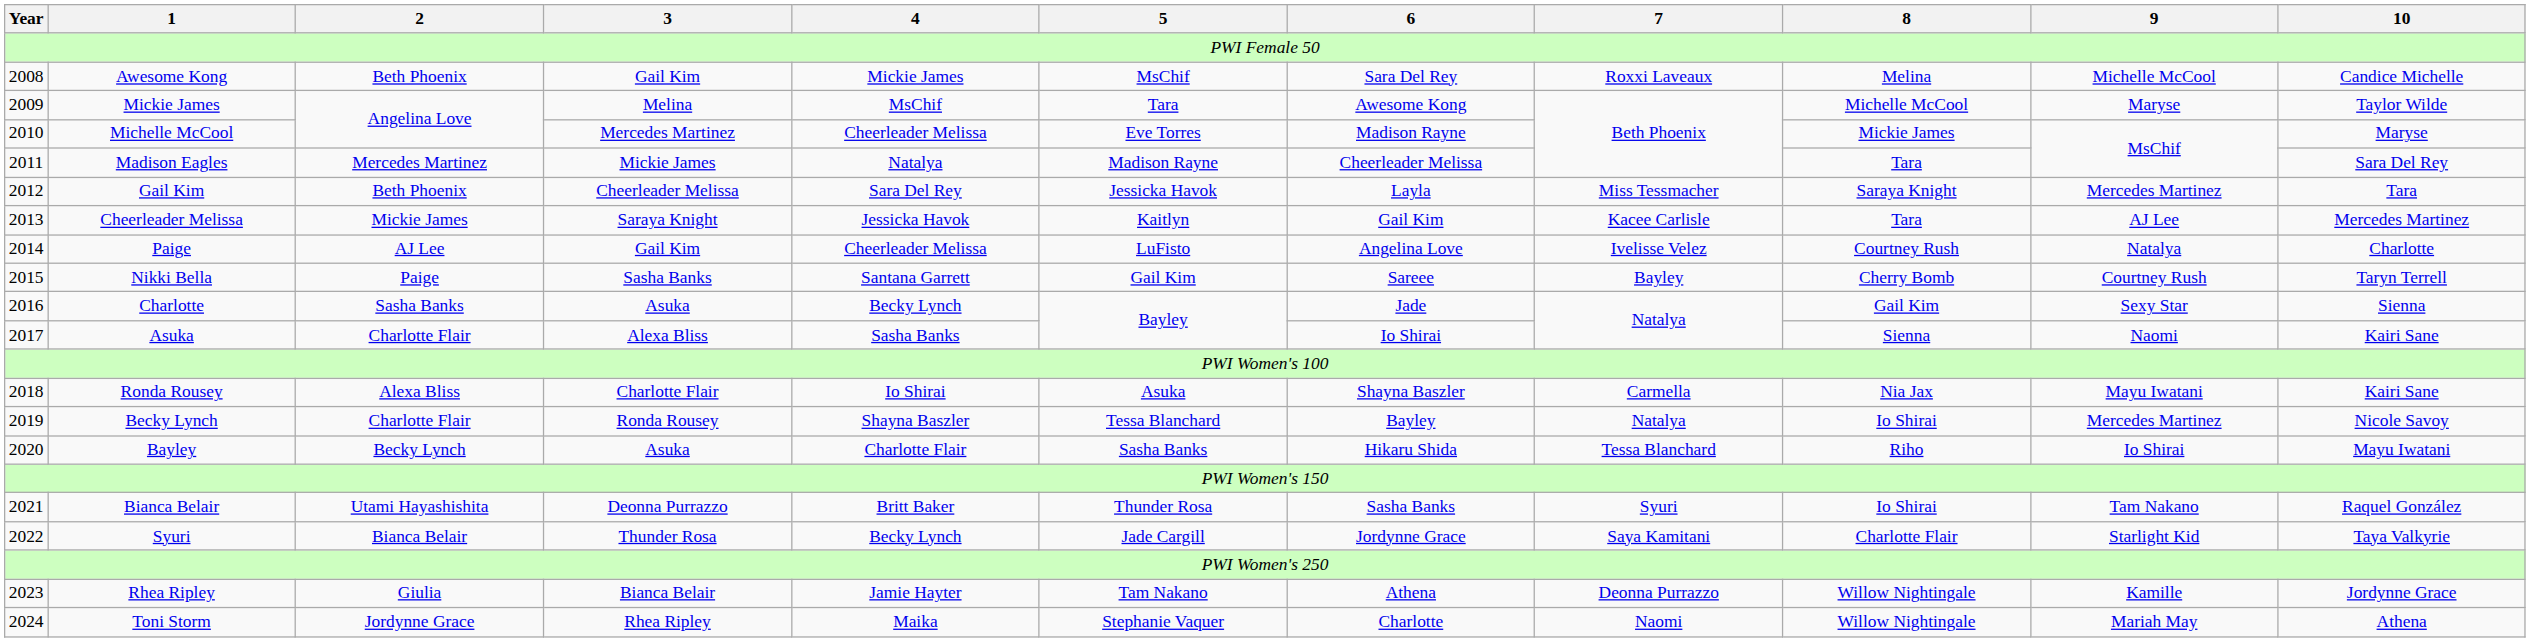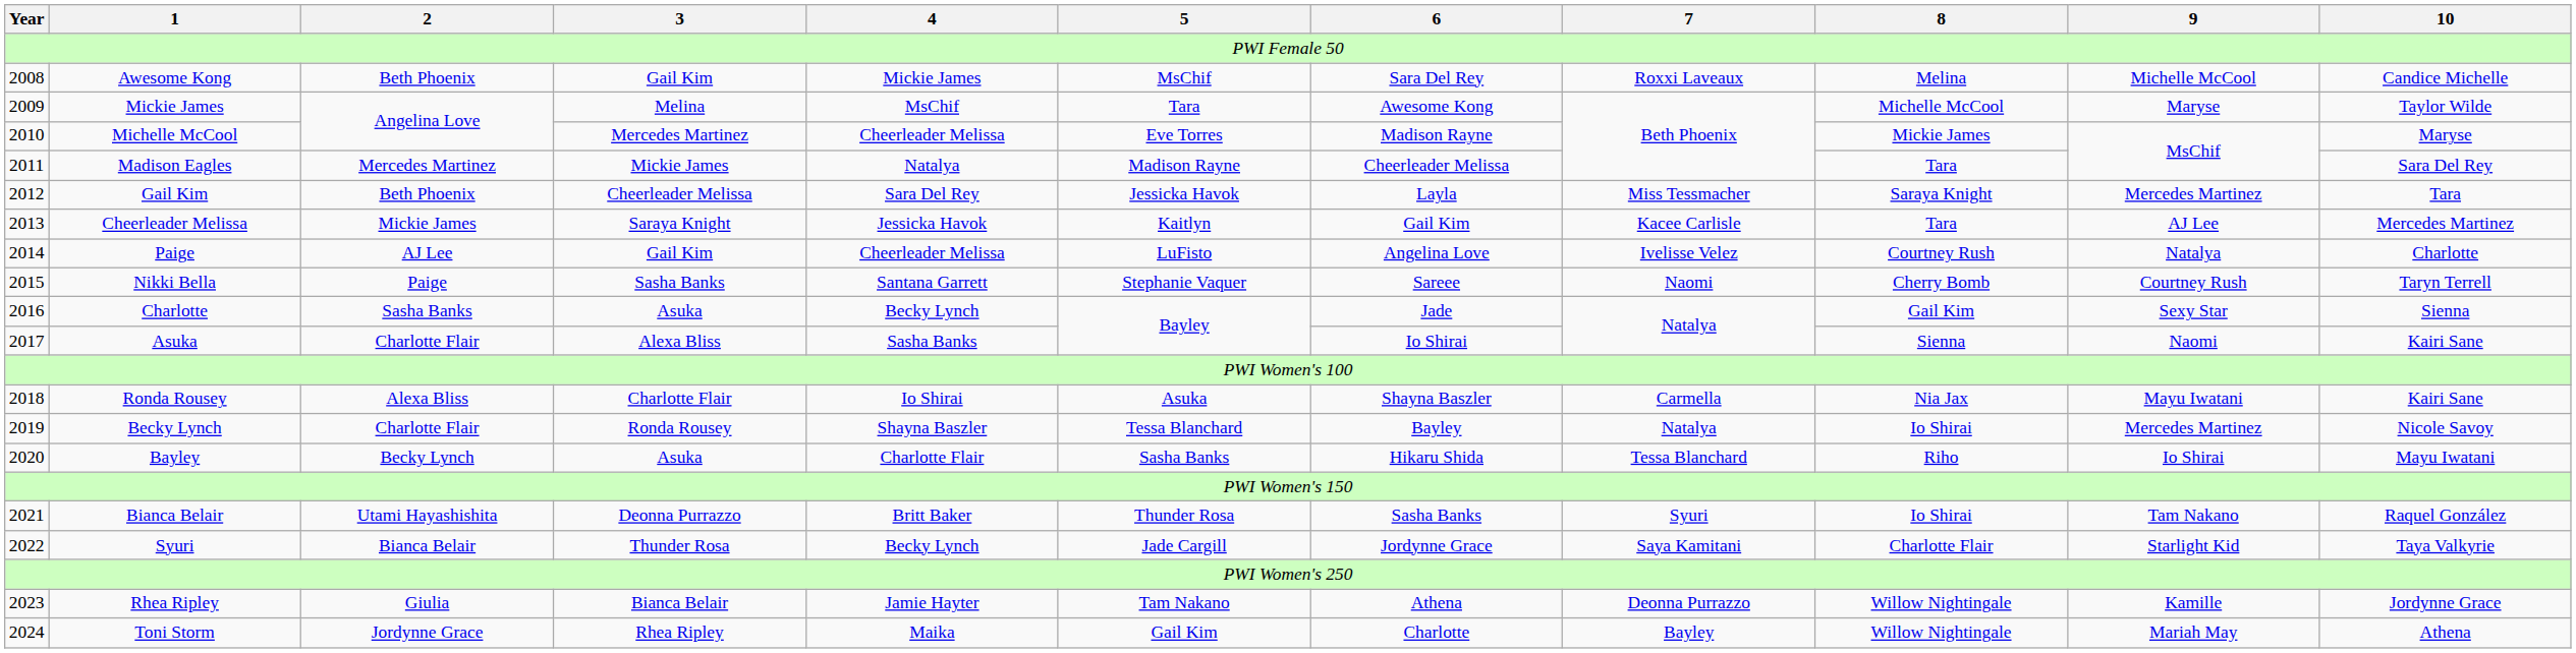 <table class="wikitable" style="font-size:85%; text-align: center">
 <tr>
 <th>Year</th>
 <th width="10%">1</th>
 <th width="10%">2</th>
 <th width="10%">3</th>
 <th width="10%">4</th>
 <th width="10%">5</th>
 <th width="10%">6</th>
 <th width="10%">7</th>
 <th width="10%">8</th>
 <th width="10%">9</th>
 <th width="10%">10</th>
 </tr>
 <tr>
 <td colspan="11" bgcolor="#CDFFC"><em>PWI Female 50</em></td>
 </tr>
 <tr>
 <td>2008</td>
 <td><a href='#'>Awesome Kong</a></td>
 <td><a href='#'>Beth Phoenix</a></td>
 <td><a href='#'>Gail Kim</a></td>
 <td><a href='#'>Mickie James</a></td>
 <td><a href='#'>MsChif</a></td>
 <td><a href='#'>Sara Del Rey</a></td>
 <td><a href='#'>Roxxi Laveaux</a></td>
 <td><a href='#'>Melina</a></td>
 <td><a href='#'>Michelle McCool</a></td>
 <td><a href='#'>Candice Michelle</a></td>
 </tr>
 <tr>
 <td>2009</td>
 <td><a href='#'>Mickie James</a></td>
 <td rowspan=2><a href='#'>Angelina Love</a></td>
 <td><a href='#'>Melina</a></td>
 <td><a href='#'>MsChif</a></td>
 <td><a href='#'>Tara</a></td>
 <td><a href='#'>Awesome Kong</a></td>
 <td rowspan=3><a href='#'>Beth Phoenix</a></td>
 <td><a href='#'>Michelle McCool</a></td>
 <td><a href='#'>Maryse</a></td>
 <td><a href='#'>Taylor Wilde</a></td>
 </tr>
 <tr>
 <td>2010</td>
 <td><a href='#'>Michelle McCool</a></td>
 <td><a href='#'>Mercedes Martinez</a></td>
 <td><a href='#'>Cheerleader Melissa</a></td>
 <td><a href='#'>Eve Torres</a></td>
 <td><a href='#'>Madison Rayne</a></td>
 <td><a href='#'>Mickie James</a></td>
 <td rowspan=2><a href='#'>MsChif</a></td>
 <td><a href='#'>Maryse</a></td>
 </tr>
 <tr>
 <td>2011</td>
 <td><a href='#'>Madison Eagles</a></td>
 <td><a href='#'>Mercedes Martinez</a></td>
 <td><a href='#'>Mickie James</a></td>
 <td><a href='#'>Natalya</a></td>
 <td><a href='#'>Madison Rayne</a></td>
 <td><a href='#'>Cheerleader Melissa</a></td>
 <td><a href='#'>Tara</a></td>
 <td><a href='#'>Sara Del Rey</a></td>
 </tr>
 <tr>
 <td>2012</td>
 <td><a href='#'>Gail Kim</a></td>
 <td><a href='#'>Beth Phoenix</a></td>
 <td><a href='#'>Cheerleader Melissa</a></td>
 <td><a href='#'>Sara Del Rey</a></td>
 <td><a href='#'>Jessicka Havok</a></td>
 <td><a href='#'>Layla</a></td>
 <td><a href='#'>Miss Tessmacher</a></td>
 <td><a href='#'>Saraya Knight</a></td>
 <td><a href='#'>Mercedes Martinez</a></td>
 <td><a href='#'>Tara</a></td>
 </tr>
 <tr>
 <td>2013</td>
 <td><a href='#'>Cheerleader Melissa</a></td>
 <td><a href='#'>Mickie James</a></td>
 <td><a href='#'>Saraya Knight</a></td>
 <td><a href='#'>Jessicka Havok</a></td>
 <td><a href='#'>Kaitlyn</a></td>
 <td><a href='#'>Gail Kim</a></td>
 <td><a href='#'>Kacee Carlisle</a></td>
 <td><a href='#'>Tara</a></td>
 <td><a href='#'>AJ Lee</a></td>
 <td><a href='#'>Mercedes Martinez</a></td>
 </tr>
 <tr>
 <td>2014</td>
 <td><a href='#'>Paige</a></td>
 <td><a href='#'>AJ Lee</a></td>
 <td><a href='#'>Gail Kim</a></td>
 <td><a href='#'>Cheerleader Melissa</a></td>
 <td><a href='#'>LuFisto</a></td>
 <td><a href='#'>Angelina Love</a></td>
 <td><a href='#'>Ivelisse Velez</a></td>
 <td><a href='#'>Courtney Rush</a></td>
 <td><a href='#'>Natalya</a></td>
 <td><a href='#'>Charlotte</a></td>
 </tr>
 <tr>
 <td>2015</td>
 <td><a href='#'>Nikki Bella</a></td>
 <td><a href='#'>Paige</a></td>
 <td><a href='#'>Sasha Banks</a></td>
 <td><a href='#'>Santana Garrett</a></td>
-<td><a href='#'>Gail Kim</a></td>
+<td><a href='#'>Stephanie Vaquer</a></td>
 <td><a href='#'>Sareee</a></td>
-<td><a href='#'>Bayley</a></td>
+<td><a href='#'>Naomi</a></td>
 <td><a href='#'>Cherry Bomb</a></td>
 <td><a href='#'>Courtney Rush</a></td>
 <td><a href='#'>Taryn Terrell</a></td>
 </tr>
 <tr>
 <td>2016</td>
 <td><a href='#'>Charlotte</a></td>
 <td><a href='#'>Sasha Banks</a></td>
 <td><a href='#'>Asuka</a></td>
 <td><a href='#'>Becky Lynch</a></td>
 <td rowspan=2><a href='#'>Bayley</a></td>
 <td><a href='#'>Jade</a></td>
 <td rowspan=2><a href='#'>Natalya</a></td>
 <td><a href='#'>Gail Kim</a></td>
 <td><a href='#'>Sexy Star</a></td>
 <td><a href='#'>Sienna</a></td>
 </tr>
 <tr>
 <td>2017</td>
 <td><a href='#'>Asuka</a></td>
 <td><a href='#'>Charlotte Flair</a></td>
 <td><a href='#'>Alexa Bliss</a></td>
 <td><a href='#'>Sasha Banks</a></td>
 <td><a href='#'>Io Shirai</a></td>
 <td><a href='#'>Sienna</a></td>
 <td><a href='#'>Naomi</a></td>
 <td><a href='#'>Kairi Sane</a></td>
 </tr>
 <tr>
 <td colspan="11" bgcolor="#CDFFC"><em>PWI Women's 100</em></td>
 </tr>
 <tr>
 <td>2018</td>
 <td><a href='#'>Ronda Rousey</a></td>
 <td><a href='#'>Alexa Bliss</a></td>
 <td><a href='#'>Charlotte Flair</a></td>
 <td><a href='#'>Io Shirai</a></td>
 <td><a href='#'>Asuka</a></td>
 <td><a href='#'>Shayna Baszler</a></td>
 <td><a href='#'>Carmella</a></td>
 <td><a href='#'>Nia Jax</a></td>
 <td><a href='#'>Mayu Iwatani</a></td>
 <td><a href='#'>Kairi Sane</a></td>
 </tr>
 <tr>
 <td>2019</td>
 <td><a href='#'>Becky Lynch</a></td>
 <td><a href='#'>Charlotte Flair</a></td>
 <td><a href='#'>Ronda Rousey</a></td>
 <td><a href='#'>Shayna Baszler</a></td>
 <td><a href='#'>Tessa Blanchard</a></td>
 <td><a href='#'>Bayley</a></td>
 <td><a href='#'>Natalya</a></td>
 <td><a href='#'>Io Shirai</a></td>
 <td><a href='#'>Mercedes Martinez</a></td>
 <td><a href='#'>Nicole Savoy</a></td>
 </tr>
 <tr>
 <td>2020</td>
 <td><a href='#'>Bayley</a></td>
 <td><a href='#'>Becky Lynch</a></td>
 <td><a href='#'>Asuka</a></td>
 <td><a href='#'>Charlotte Flair</a></td>
 <td><a href='#'>Sasha Banks</a></td>
 <td><a href='#'>Hikaru Shida</a></td>
 <td><a href='#'>Tessa Blanchard</a></td>
 <td><a href='#'>Riho</a></td>
 <td><a href='#'>Io Shirai</a></td>
 <td><a href='#'>Mayu Iwatani</a></td>
 </tr>
 <tr>
 <td colspan="11" bgcolor="#CDFFC"><em>PWI Women's 150</em></td>
 </tr>
 <tr>
 <td>2021</td>
 <td><a href='#'>Bianca Belair</a></td>
 <td><a href='#'>Utami Hayashishita</a></td>
 <td><a href='#'>Deonna Purrazzo</a></td>
 <td><a href='#'>Britt Baker</a></td>
 <td><a href='#'>Thunder Rosa</a></td>
 <td><a href='#'>Sasha Banks</a></td>
 <td><a href='#'>Syuri</a></td>
 <td><a href='#'>Io Shirai</a></td>
 <td><a href='#'>Tam Nakano</a></td>
 <td><a href='#'>Raquel González</a></td>
 </tr>
 <tr>
 <td>2022</td>
 <td><a href='#'>Syuri</a></td>
 <td><a href='#'>Bianca Belair</a></td>
 <td><a href='#'>Thunder Rosa</a></td>
 <td><a href='#'>Becky Lynch</a></td>
 <td><a href='#'>Jade Cargill</a></td>
 <td><a href='#'>Jordynne Grace</a></td>
 <td><a href='#'>Saya Kamitani</a></td>
 <td><a href='#'>Charlotte Flair</a></td>
 <td><a href='#'>Starlight Kid</a></td>
 <td><a href='#'>Taya Valkyrie</a></td>
 </tr>
 <tr>
 <td colspan="11" bgcolor="#CDFFC"><em>PWI Women's 250</em></td>
 </tr>
 <tr>
 <td>2023</td>
 <td><a href='#'>Rhea Ripley</a></td>
 <td><a href='#'>Giulia</a></td>
 <td><a href='#'>Bianca Belair</a></td>
 <td><a href='#'>Jamie Hayter</a></td>
 <td><a href='#'>Tam Nakano</a></td>
 <td><a href='#'>Athena</a></td>
 <td><a href='#'>Deonna Purrazzo</a></td>
 <td><a href='#'>Willow Nightingale</a></td>
 <td><a href='#'> Kamille</a></td>
 <td><a href='#'>Jordynne Grace</a></td>
 </tr>
 <tr>
 <td>2024</td>
 <td><a href='#'>Toni Storm</a></td>
 <td><a href='#'>Jordynne Grace</a></td>
 <td><a href='#'>Rhea Ripley</a></td>
 <td><a href='#'>Maika</a></td>
-<td><a href='#'>Stephanie Vaquer</a></td>
+<td><a href='#'>Gail Kim</a></td>
 <td><a href='#'>Charlotte</a></td>
-<td><a href='#'>Naomi</a></td>
+<td><a href='#'>Bayley</a></td>
 <td><a href='#'>Willow Nightingale</a></td>
 <td><a href='#'>Mariah May</a></td>
 <td><a href='#'>Athena</a></td>
 </tr>
 </table>
